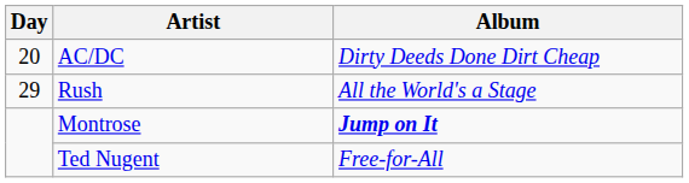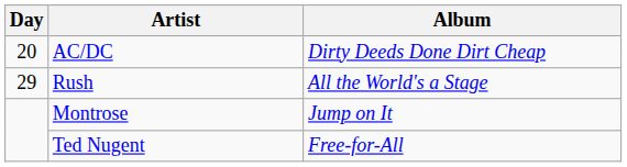 <table class="wikitable" border="1">
 <tr>
 <th>Day</th>
 <th width="200">Artist</th>
 <th width="250">Album</th>
 </tr>
 <tr>
 <td style="text-align:center;" rowspan="1">20</td>
 <td><a href='#'>AC/DC</a></td>
 <td><em><a href='#'>Dirty Deeds Done Dirt Cheap</a></em></td>
 </tr>
 <tr>
 <td style="text-align:center;" rowspan="1">29</td>
 <td><a href='#'>Rush</a></td>
 <td><em><a href='#'>All the World's a Stage</a></em></td>
 </tr>
 <tr>
 <td rowspan="2" style="text-align:center;"></td>
 <td><a href='#'>Montrose</a></td>
-<td><strong><em><a href='#'>Jump on It</a></em></strong></td>
+<td><em><a href='#'>Jump on It</a></em></td>
 </tr>
 <tr>
 <td><a href='#'>Ted Nugent</a></td>
 <td><em><a href='#'>Free-for-All</a></em></td>
 </tr>
 </table>
